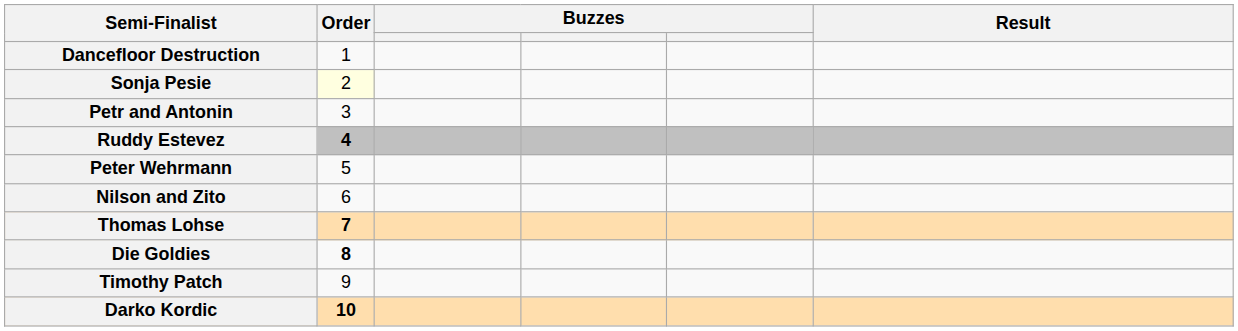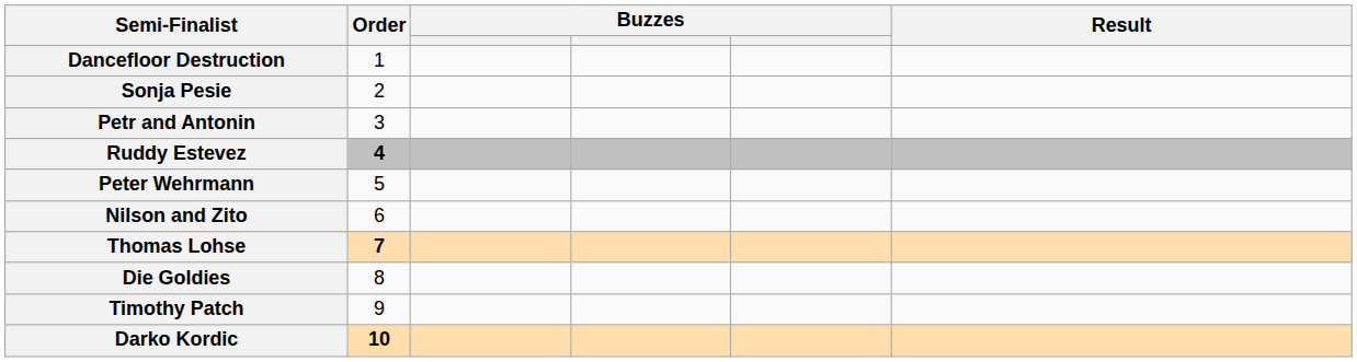 <table class="wikitable plainrowheaders sortable" style="text-align:center;">
 <tr>
 <th scope="col" rowspan="2" class="unsortable" style="width:17em;">Semi-Finalist</th>
 <th scope="col" rowspan="2" style="width:1em;">Order</th>
 <th scope="col" colspan="3" class="unsortable" style="width:24em;">Buzzes</th>
 <th scope="col" rowspan="2" style="width:23em;">Result</th>
 </tr>
 <tr>
 <th scope="col" class="unsortable" style="width:6em;"></th>
 <th scope="col" class="unsortable" style="width:6em;"></th>
 <th scope="col" class="unsortable" style="width:6em;"></th>
 </tr>
 <tr>
 <th scope="row">Dancefloor Destruction</th>
 <td>1</td>
 <td style="text-align:center;"></td>
 <td style="text-align:center;"></td>
 <td style="text-align:center;"></td>
 <td></td>
 </tr>
 <tr>
 <th scope="row">Sonja Pesie</th>
-<td style="background: lightyellow;">2</td>
+<td>2</td>
 <td style="text-align:center;"></td>
 <td style="text-align:center;"></td>
 <td style="text-align:center;"></td>
 <td></td>
 </tr>
 <tr>
 <th scope="row">Petr and Antonin</th>
 <td>3</td>
 <td style="text-align:center;"></td>
 <td style="text-align:center;"></td>
 <td style="text-align:center;"></td>
 <td></td>
 </tr>
 <tr style="background:silver;">
 <th scope="row"><strong>Ruddy Estevez</strong></th>
 <td><strong>4</strong></td>
 <td style="text-align:center;"></td>
 <td style="text-align:center;"></td>
 <td style="text-align:center;"></td>
 <td><strong></strong></td>
 </tr>
 <tr>
 <th scope="row">Peter Wehrmann</th>
 <td>5</td>
 <td style="text-align:center;"></td>
 <td style="text-align:center;"></td>
 <td style="text-align:center;"></td>
 <td></td>
 </tr>
 <tr>
 <th scope="row">Nilson and Zito</th>
 <td>6</td>
 <td style="text-align:center;"></td>
 <td style="text-align:center;"></td>
 <td style="text-align:center;"></td>
 <td></td>
 </tr>
 <tr style="background:NavajoWhite;">
 <th scope="row"><strong>Thomas Lohse</strong></th>
 <td><strong>7</strong></td>
 <td style="text-align:center;"></td>
 <td style="text-align:center;"></td>
 <td style="text-align:center;"></td>
 <td><strong></strong></td>
 </tr>
 <tr>
 <th scope="row">Die Goldies</th>
-<td><strong>8</strong></td>
+<td>8</td>
 <td style="text-align:center;"></td>
 <td style="text-align:center;"></td>
 <td style="text-align:center;"></td>
 <td></td>
 </tr>
 <tr>
 <th scope="row">Timothy Patch</th>
 <td>9</td>
 <td style="text-align:center;"></td>
 <td style="text-align:center;"></td>
 <td style="text-align:center;"></td>
 <td></td>
 </tr>
 <tr style="background:NavajoWhite;">
 <th scope="row"><strong>Darko Kordic</strong></th>
 <td><strong>10</strong></td>
 <td style="text-align:center;"></td>
 <td style="text-align:center;"></td>
 <td style="text-align:center;"></td>
 <td><strong></strong></td>
 </tr>
 </table>
